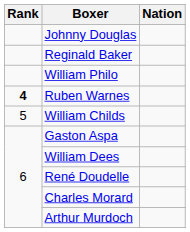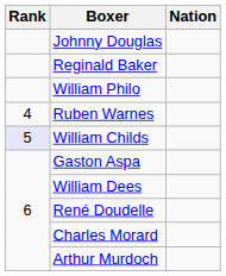 <table class="wikitable sortable">
 <tr>
 <th>Rank</th>
 <th>Boxer</th>
 <th>Nation</th>
 </tr>
 <tr>
 <td align=center></td>
 <td><a href='#'>Johnny Douglas</a></td>
 <td></td>
 </tr>
 <tr>
 <td align=center></td>
 <td><a href='#'>Reginald Baker</a></td>
 <td></td>
 </tr>
 <tr>
 <td align=center></td>
 <td><a href='#'>William Philo</a></td>
 <td></td>
 </tr>
 <tr>
-<td align=center><strong>4</strong></td>
+<td align=center>4</td>
 <td><a href='#'>Ruben Warnes</a></td>
 <td></td>
 </tr>
 <tr>
-<td align=center>5</td>
+<td align=center style="background: lavender;">5</td>
 <td><a href='#'>William Childs</a></td>
 <td></td>
 </tr>
 <tr>
 <td align=center rowspan=5>6</td>
 <td><a href='#'>Gaston Aspa</a></td>
 <td></td>
 </tr>
 <tr>
 <td><a href='#'>William Dees</a></td>
 <td></td>
 </tr>
 <tr>
 <td><a href='#'>René Doudelle</a></td>
 <td></td>
 </tr>
 <tr>
 <td><a href='#'>Charles Morard</a></td>
 <td></td>
 </tr>
 <tr>
 <td><a href='#'>Arthur Murdoch</a></td>
 <td></td>
 </tr>
 </table>
